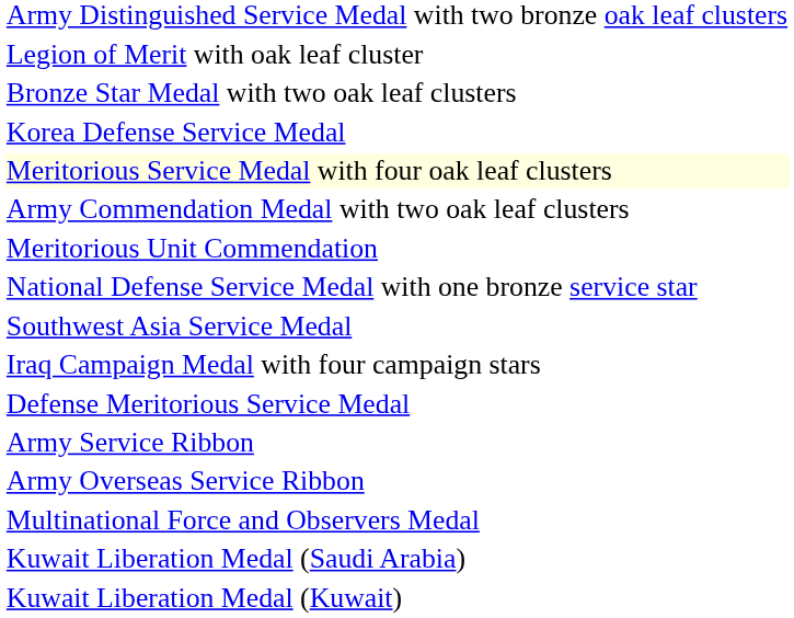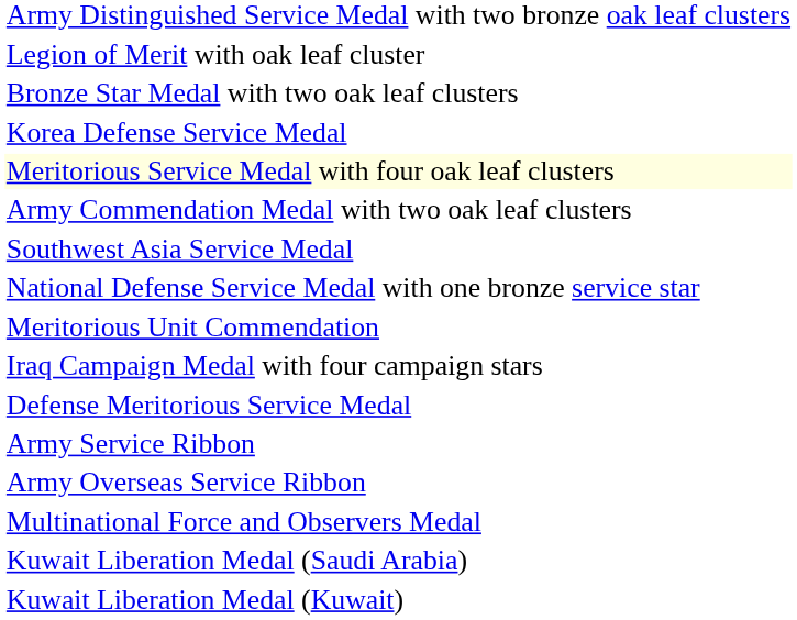 <table>
 <tr>
 <td><span></span><span></span> <a href='#'>Army Distinguished Service Medal</a> with two bronze <a href='#'>oak leaf clusters</a></td>
 </tr>
 <tr>
 <td> <a href='#'>Legion of Merit</a> with oak leaf cluster</td>
 </tr>
 <tr>
 <td><span></span><span></span> <a href='#'>Bronze Star Medal</a> with two oak leaf clusters</td>
 </tr>
 <tr>
 <td> <a href='#'>Korea Defense Service Medal</a></td>
 </tr>
 <tr>
 <td style="background: lightyellow;"><span></span><span></span><span></span><span></span> <a href='#'>Meritorious Service Medal</a> with four oak leaf clusters</td>
 </tr>
 <tr>
 <td><span></span><span></span> <a href='#'>Army Commendation Medal</a> with two oak leaf clusters</td>
 </tr>
 <tr>
-<td> <a href='#'>Meritorious Unit Commendation</a></td>
+<td> <a href='#'>Southwest Asia Service Medal</a></td>
 </tr>
 <tr>
 <td> <a href='#'>National Defense Service Medal</a> with one bronze <a href='#'>service star</a></td>
 </tr>
 <tr>
-<td> <a href='#'>Southwest Asia Service Medal</a></td>
+<td> <a href='#'>Meritorious Unit Commendation</a></td>
 </tr>
 <tr>
 <td><span></span><span></span><span></span><span></span> <a href='#'>Iraq Campaign Medal</a> with four campaign stars</td>
 </tr>
 <tr>
 <td> <a href='#'>Defense Meritorious Service Medal</a></td>
 </tr>
 <tr>
 <td> <a href='#'>Army Service Ribbon</a></td>
 </tr>
 <tr>
 <td> <a href='#'>Army Overseas Service Ribbon</a></td>
 </tr>
 <tr>
 <td> <a href='#'>Multinational Force and Observers Medal</a></td>
 </tr>
 <tr>
 <td> <a href='#'>Kuwait Liberation Medal</a> (<a href='#'>Saudi Arabia</a>)</td>
 </tr>
 <tr>
 <td> <a href='#'>Kuwait Liberation Medal</a> (<a href='#'>Kuwait</a>)</td>
 </tr>
 </table>
